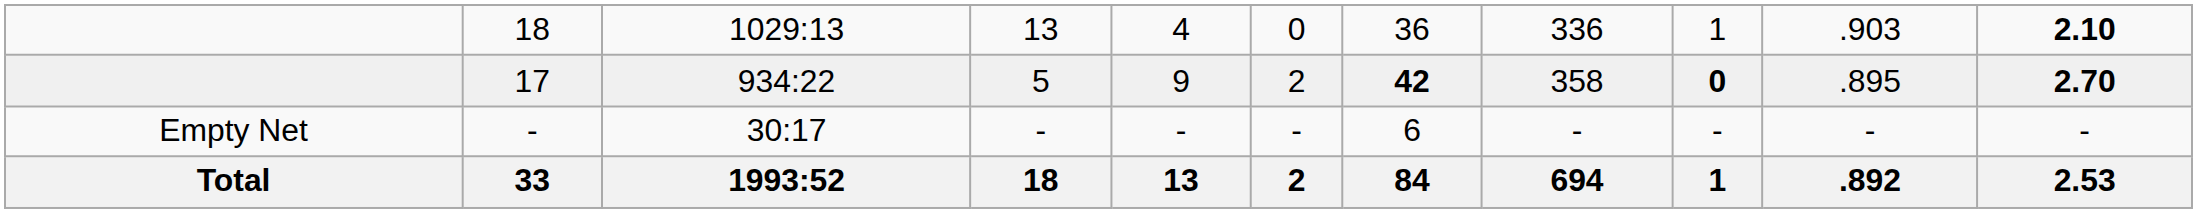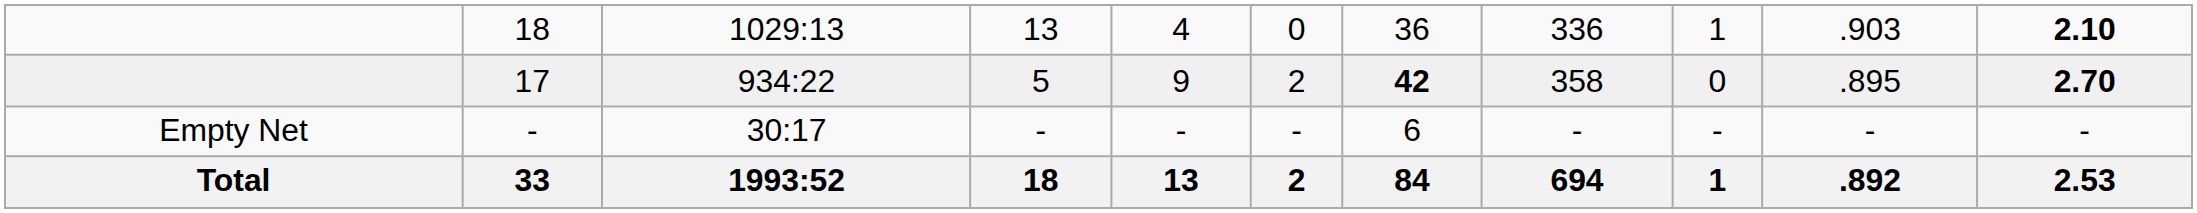 <table class="wikitable sortable" width ="1100">
 <tr align="center">
 </tr>
 <tr align="center" bgcolor="">
 <td></td>
 <td>18</td>
 <td>1029:13</td>
 <td>13</td>
 <td>4</td>
 <td>0</td>
 <td>36</td>
 <td>336</td>
 <td>1</td>
 <td>.903</td>
 <td><strong>2.10</strong></td>
 </tr>
 <tr align="center" bgcolor="f0f0f0">
 <td></td>
 <td>17</td>
 <td>934:22</td>
 <td>5</td>
 <td>9</td>
 <td>2</td>
 <td><strong>42</strong></td>
 <td>358</td>
-<td><strong>0</strong></td>
+<td>0</td>
 <td>.895</td>
 <td><strong>2.70</strong></td>
 </tr>
 <tr align="center" bgcolor="">
 <td>Empty Net</td>
 <td>-</td>
 <td>30:17</td>
 <td>-</td>
 <td>-</td>
 <td>-</td>
 <td>6</td>
 <td>-</td>
 <td>-</td>
 <td>-</td>
 <td>-</td>
 </tr>
 <tr>
 <th>Total</th>
 <th>33</th>
 <th>1993:52</th>
 <th>18</th>
 <th>13</th>
 <th>2</th>
 <th>84</th>
 <th>694</th>
 <th>1</th>
 <th>.892</th>
 <th>2.53</th>
 </tr>
 </table>
